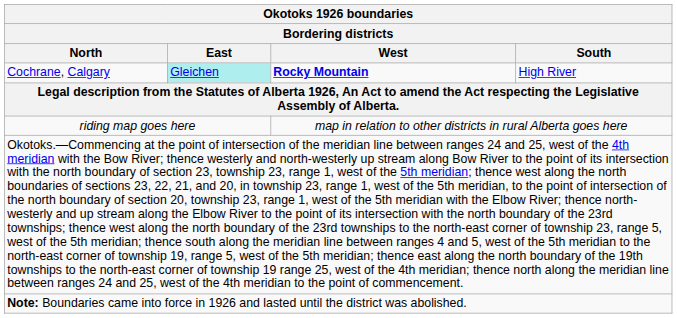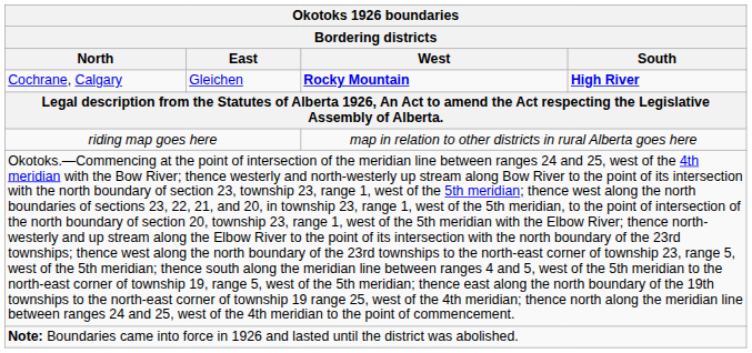 <table class="wikitable collapsible collapsed">
 <tr>
 <th colspan=4>Okotoks 1926 boundaries</th>
 </tr>
 <tr>
 <th colspan=4>Bordering districts</th>
 </tr>
 <tr>
 <th>North</th>
 <th>East</th>
 <th>West</th>
 <th>South</th>
 </tr>
 <tr>
 <td><a href='#'>Cochrane</a>, <a href='#'>Calgary</a></td>
-<td style="background: paleturquoise;"><a href='#'>Gleichen</a></td>
+<td><a href='#'>Gleichen</a></td>
 <td><strong><a href='#'>Rocky Mountain</a></strong></td>
-<td><a href='#'>High River</a></td>
+<td><strong><a href='#'>High River</a></strong></td>
 </tr>
 <tr>
 <th colspan=4>Legal description from the Statutes of Alberta 1926, An Act to amend the Act respecting the Legislative Assembly of Alberta.</th>
 </tr>
 <tr>
 <td colspan=2 align=center><em>riding map goes here</em></td>
 <td colspan=2 align=center><em>map in relation to other districts in rural Alberta goes here</em></td>
 </tr>
 <tr>
 <td colspan=4>Okotoks.—Commencing at the point of intersection of the meridian line between ranges 24 and 25, west of the <a href='#'>4th meridian</a> with the Bow River; thence westerly and north-westerly up stream along Bow River to the point of its intersection with the north boundary of section 23, township 23, range 1, west of the <a href='#'>5th meridian</a>; thence west along the north boundaries of sections 23, 22, 21, and 20, in township 23, range 1, west of the 5th meridian, to the point of intersection of the north boundary of section 20, township 23, range 1, west of the 5th meridian with the Elbow River; thence north-westerly and up stream along the Elbow River to the point of its intersection with the north boundary of the 23rd townships; thence west along the north boundary of the 23rd townships to the north-east corner of township 23, range 5, west of the 5th meridian; thence south along the meridian line between ranges 4 and 5, west of the 5th meridian to the north-east corner of township 19, range 5, west of the 5th meridian; thence east along the north boundary of the 19th townships to the north-east corner of township 19 range 25, west of the 4th meridian; thence north along the meridian line between ranges 24 and 25, west of the 4th meridian to the point of commencement.</td>
 </tr>
 <tr>
 <td colspan=4><strong>Note:</strong> Boundaries came into force in 1926 and lasted until the district was abolished.</td>
 </tr>
 </table>
